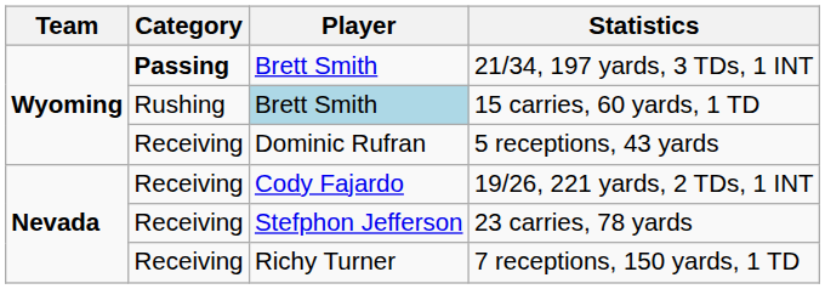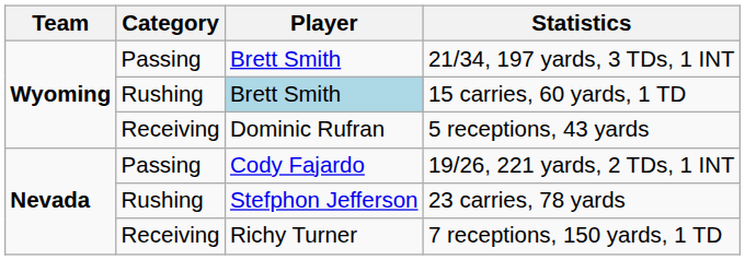 <table class="wikitable" style="float: left;">
 <tr>
 <th>Team</th>
 <th>Category</th>
 <th>Player</th>
 <th>Statistics</th>
 </tr>
 <tr>
 <td rowspan=3><strong>Wyoming</strong></td>
-<td><strong>Passing</strong></td>
+<td>Passing</td>
 <td><a href='#'>Brett Smith</a></td>
 <td>21/34, 197 yards, 3 TDs, 1 INT</td>
 </tr>
 <tr>
 <td>Rushing</td>
 <td style="background: lightblue;">Brett Smith</td>
 <td>15 carries, 60 yards, 1 TD</td>
 </tr>
 <tr>
 <td>Receiving</td>
 <td>Dominic Rufran</td>
 <td>5 receptions, 43 yards</td>
 </tr>
 <tr>
 <td rowspan=3><strong>Nevada</strong></td>
-<td>Receiving</td>
+<td>Passing</td>
 <td><a href='#'>Cody Fajardo</a></td>
 <td>19/26, 221 yards, 2 TDs, 1 INT</td>
 </tr>
 <tr>
-<td>Receiving</td>
+<td>Rushing</td>
 <td><a href='#'>Stefphon Jefferson</a></td>
 <td>23 carries, 78 yards</td>
 </tr>
 <tr>
 <td>Receiving</td>
 <td>Richy Turner</td>
 <td>7 receptions, 150 yards, 1 TD</td>
 </tr>
 </table>
